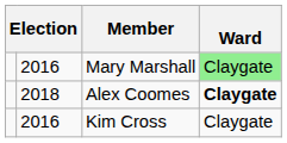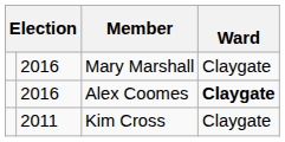 <table class="wikitable">
 <tr>
 <th colspan="2">Election</th>
 <th>Member</th>
 <th><br>Ward</th>
 </tr>
 <tr>
 <td style="background-color: "></td>
 <td>2016</td>
 <td>Mary Marshall</td>
-<td style="background: lightgreen;">Claygate</td>
+<td>Claygate</td>
 </tr>
 <tr>
 <td style="background-color:"></td>
-<td>2018</td>
+<td>2016</td>
 <td>Alex Coomes</td>
 <td><strong>Claygate</strong></td>
 </tr>
 <tr>
 <td style="background-color: "></td>
-<td>2016</td>
+<td>2011</td>
 <td>Kim Cross</td>
 <td>Claygate</td>
 </tr>
 </table>
